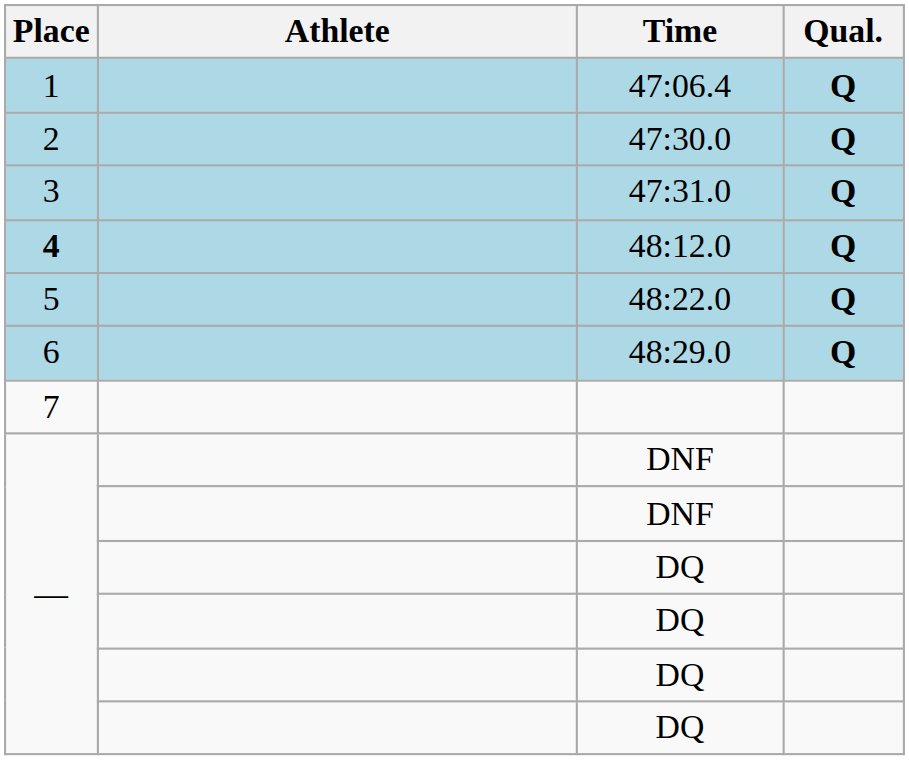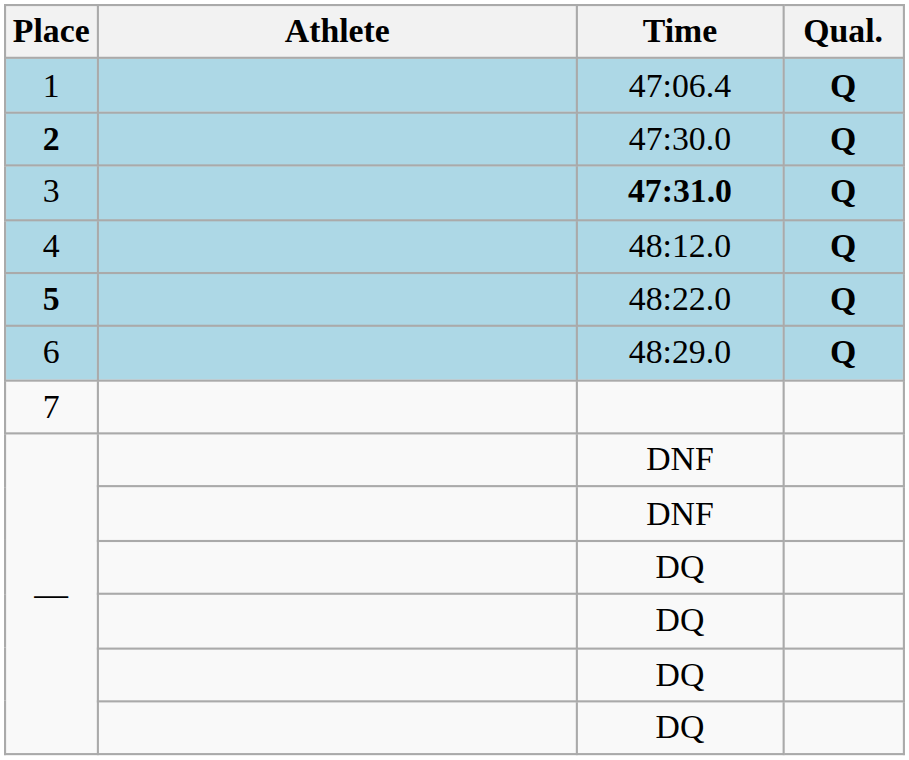 <table class=wikitable style="text-align:center">
 <tr>
 <th width=20>Place</th>
 <th width=220>Athlete</th>
 <th width=90>Time</th>
 <th width=50>Qual.</th>
 </tr>
 <tr style="background:lightblue;">
 <td>1</td>
 <td align=left></td>
 <td>47:06.4</td>
 <td><strong>Q</strong></td>
 </tr>
 <tr style="background:lightblue;">
-<td>2</td>
+<td><strong>2</strong></td>
 <td align=left></td>
 <td>47:30.0</td>
 <td><strong>Q</strong></td>
 </tr>
 <tr style="background:lightblue;">
 <td>3</td>
 <td align=left></td>
-<td>47:31.0</td>
+<td><strong>47:31.0</strong></td>
 <td><strong>Q</strong></td>
 </tr>
 <tr style="background:lightblue;">
-<td><strong>4</strong></td>
+<td>4</td>
 <td align=left></td>
 <td>48:12.0</td>
 <td><strong>Q</strong></td>
 </tr>
 <tr style="background:lightblue;">
-<td>5</td>
+<td><strong>5</strong></td>
 <td align=left></td>
 <td>48:22.0</td>
 <td><strong>Q</strong></td>
 </tr>
 <tr style="background:lightblue;">
 <td>6</td>
 <td align=left></td>
 <td>48:29.0</td>
 <td><strong>Q</strong></td>
 </tr>
 <tr>
 <td>7</td>
 <td align=left></td>
 <td></td>
 <td></td>
 </tr>
 <tr>
 <td rowspan=6>—</td>
 <td align=left></td>
 <td>DNF</td>
 <td></td>
 </tr>
 <tr>
 <td align=left></td>
 <td>DNF</td>
 <td></td>
 </tr>
 <tr>
 <td align=left></td>
 <td>DQ</td>
 <td></td>
 </tr>
 <tr>
 <td align=left></td>
 <td>DQ</td>
 <td></td>
 </tr>
 <tr>
 <td align=left></td>
 <td>DQ</td>
 <td></td>
 </tr>
 <tr>
 <td align=left></td>
 <td>DQ</td>
 <td></td>
 </tr>
 </table>
